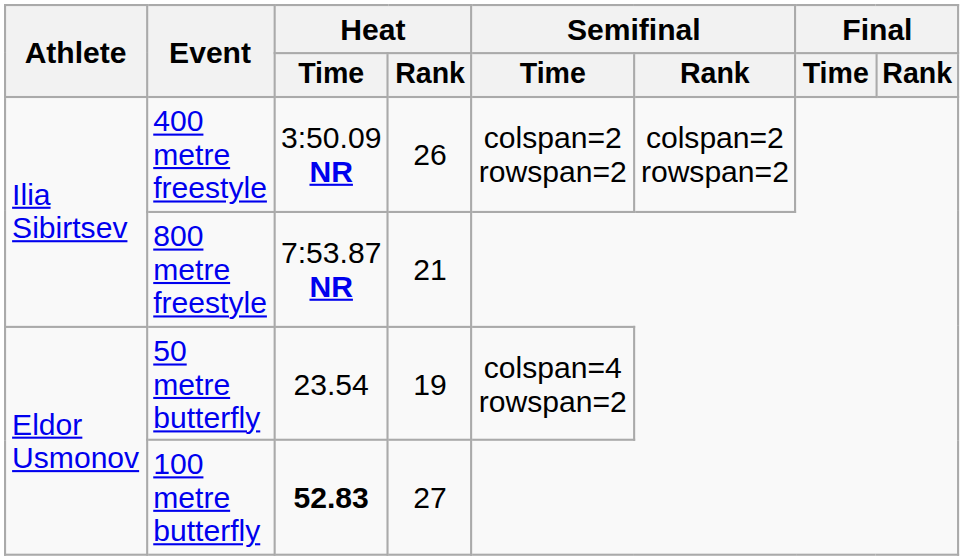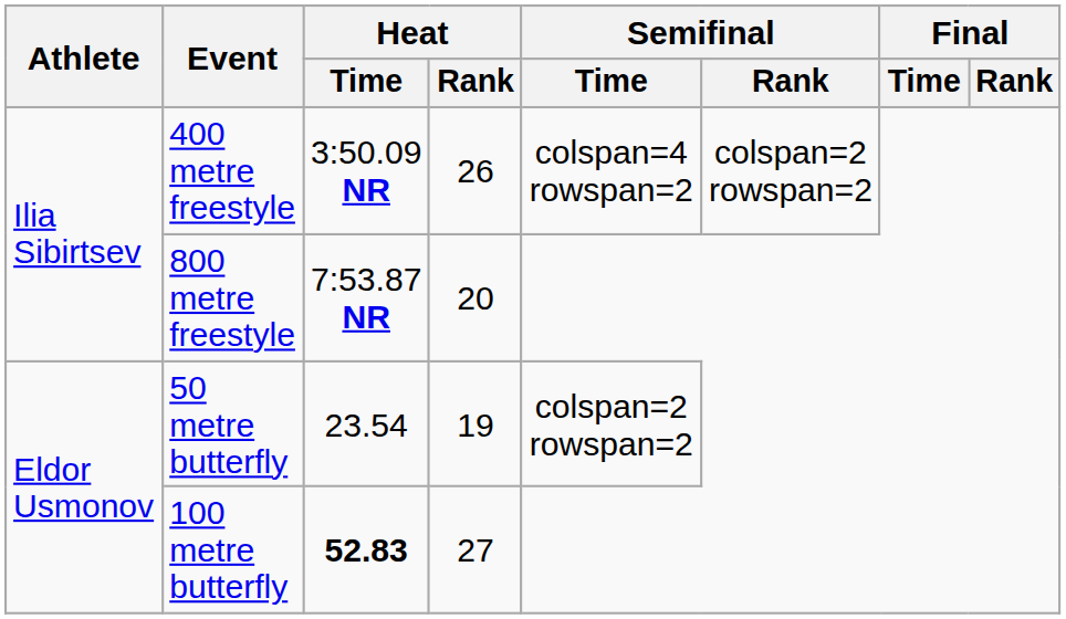 <table class="wikitable" style="text-align:center; font-size:90%; width:50%;">
 <tr>
 <th rowspan="2">Athlete</th>
 <th rowspan="2">Event</th>
 <th colspan="2">Heat</th>
 <th colspan="2">Semifinal</th>
 <th colspan="2">Final</th>
 </tr>
 <tr style="font-size:95%">
 <th>Time</th>
 <th>Rank</th>
 <th>Time</th>
 <th>Rank</th>
 <th>Time</th>
 <th>Rank</th>
 </tr>
 <tr align=center>
 <td align=left rowspan=2><a href='#'>Ilia Sibirtsev</a></td>
 <td align=left><a href='#'>400 metre freestyle</a></td>
 <td>3:50.09 <strong><a href='#'>NR</a></strong></td>
 <td>26</td>
-<td>colspan=2 rowspan=2</td>
+<td>colspan=4  rowspan=2 </td>
 <td>colspan=2  rowspan=2 </td>
 </tr>
 <tr align=center>
 <td align=left><a href='#'>800 metre freestyle</a></td>
 <td>7:53.87  <strong><a href='#'>NR</a></strong></td>
-<td>21</td>
+<td>20</td>
 </tr>
 <tr align=center>
 <td align=left rowspan=2><a href='#'>Eldor Usmonov</a></td>
 <td align=left><a href='#'>50 metre butterfly</a></td>
 <td>23.54</td>
 <td>19</td>
-<td>colspan=4  rowspan=2 </td>
+<td>colspan=2 rowspan=2</td>
 </tr>
 <tr align=center>
 <td align=left><a href='#'>100 metre butterfly</a></td>
 <td><strong>52.83</strong></td>
 <td>27</td>
 </tr>
 </table>
